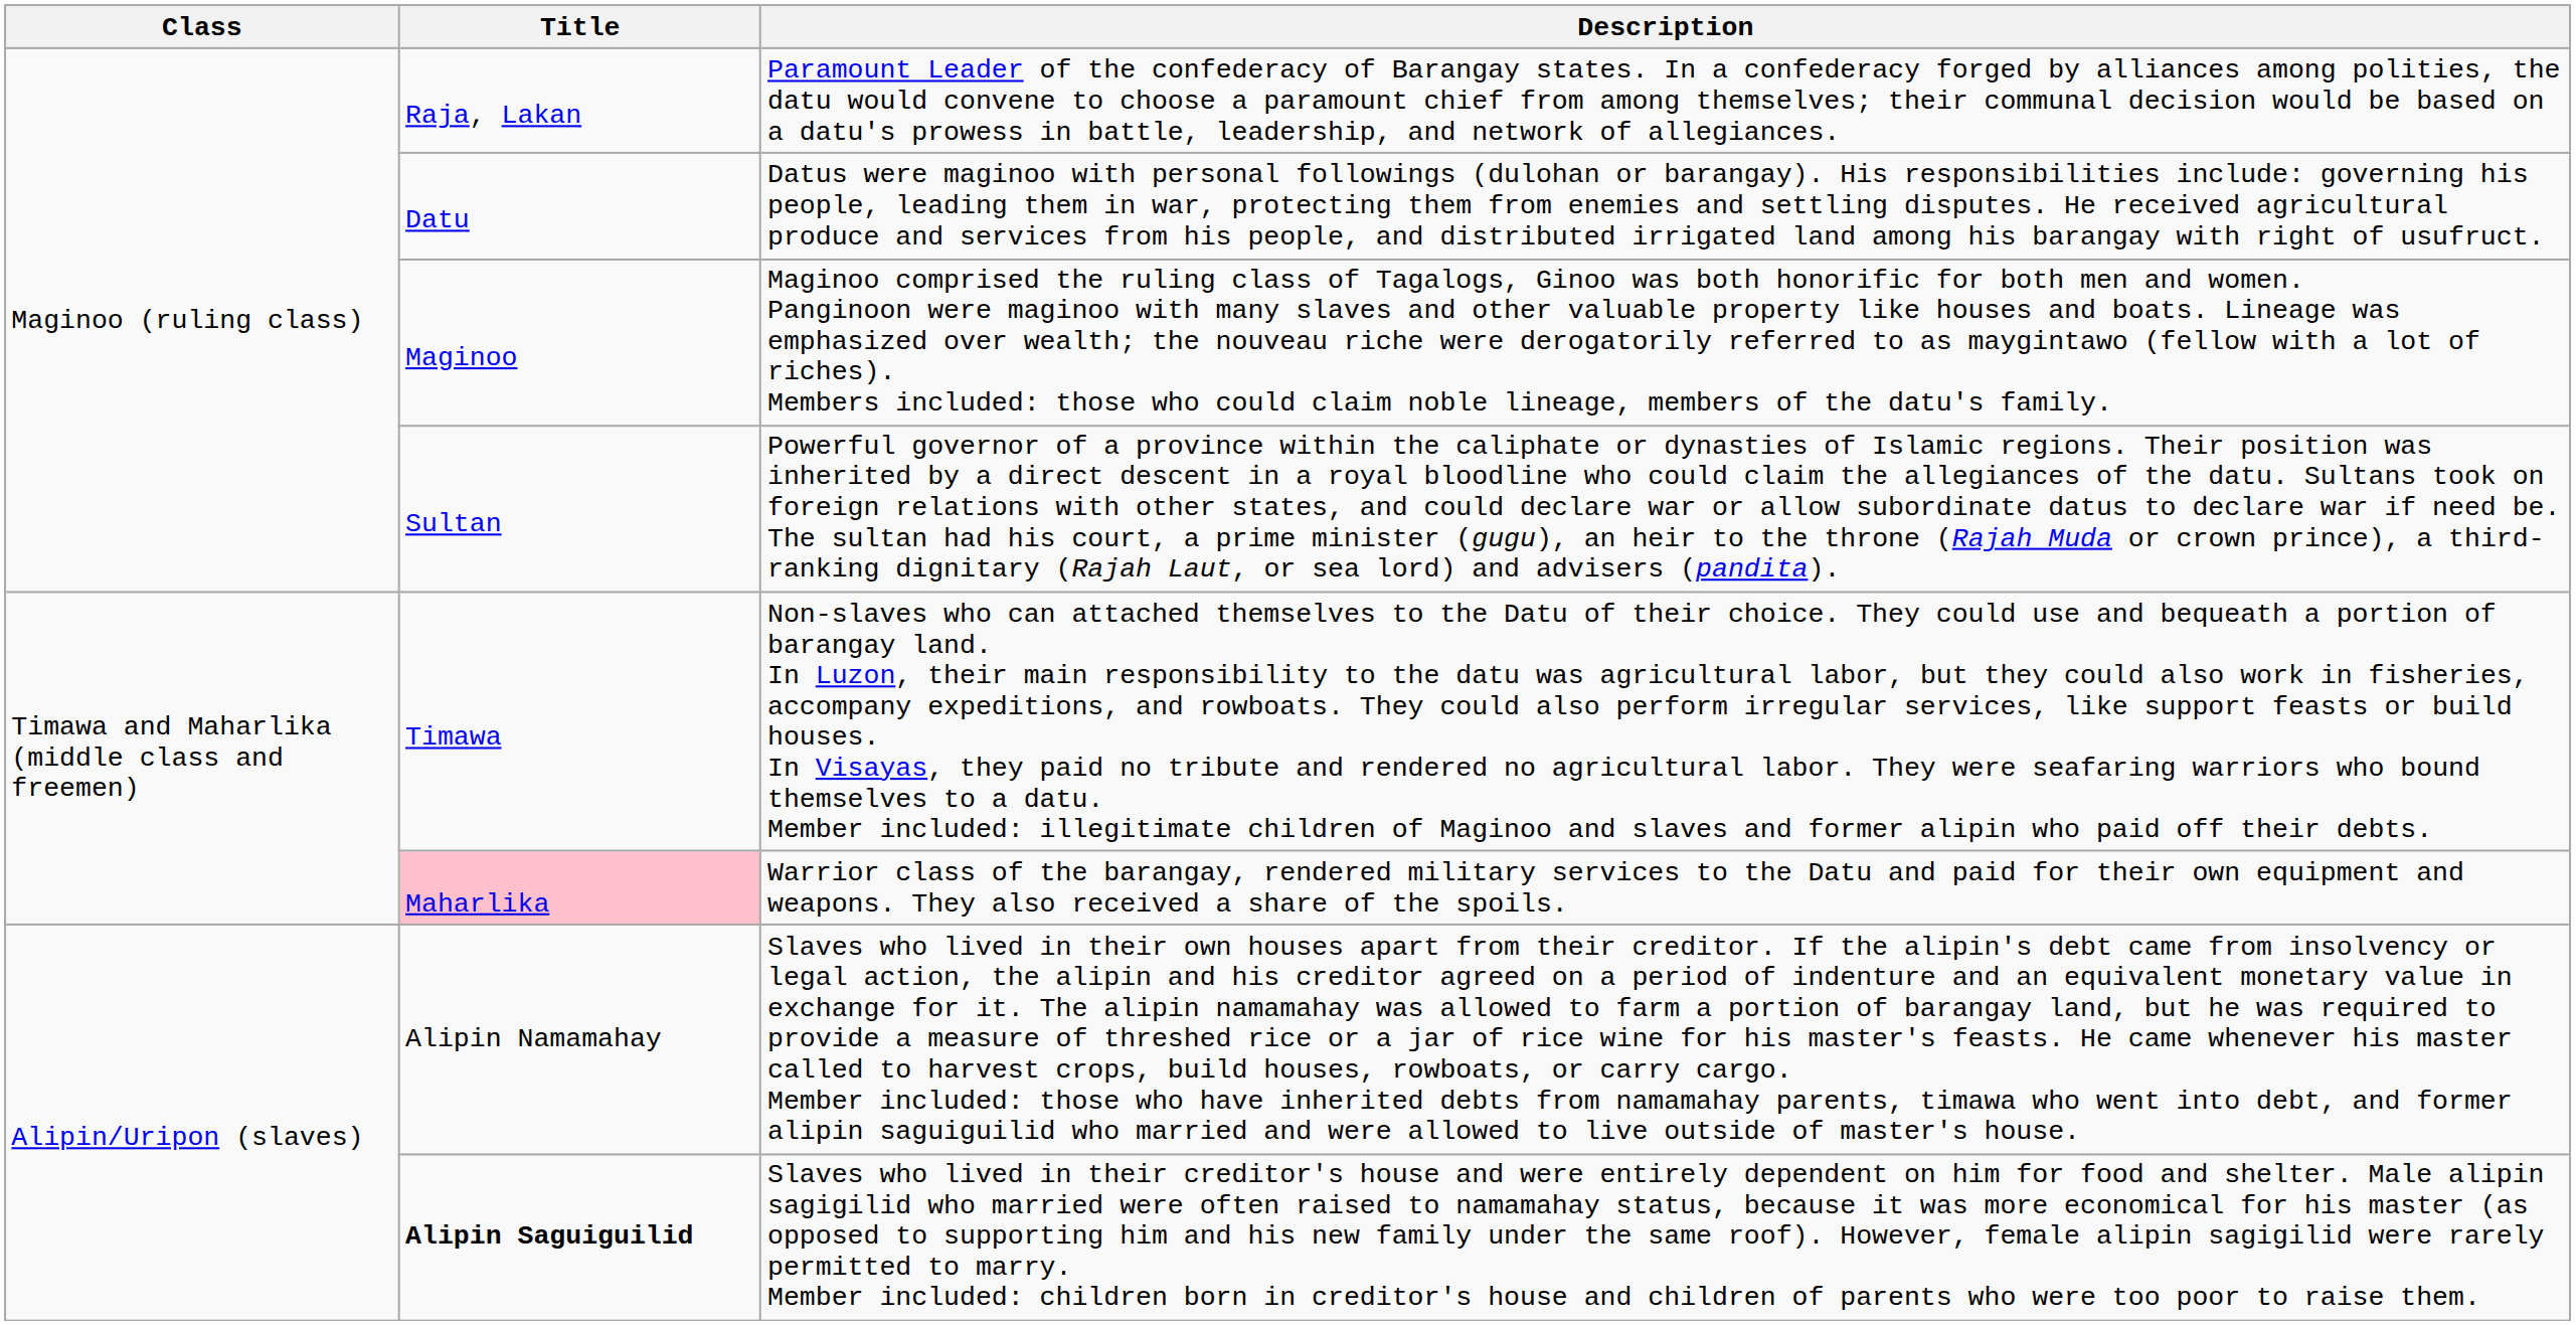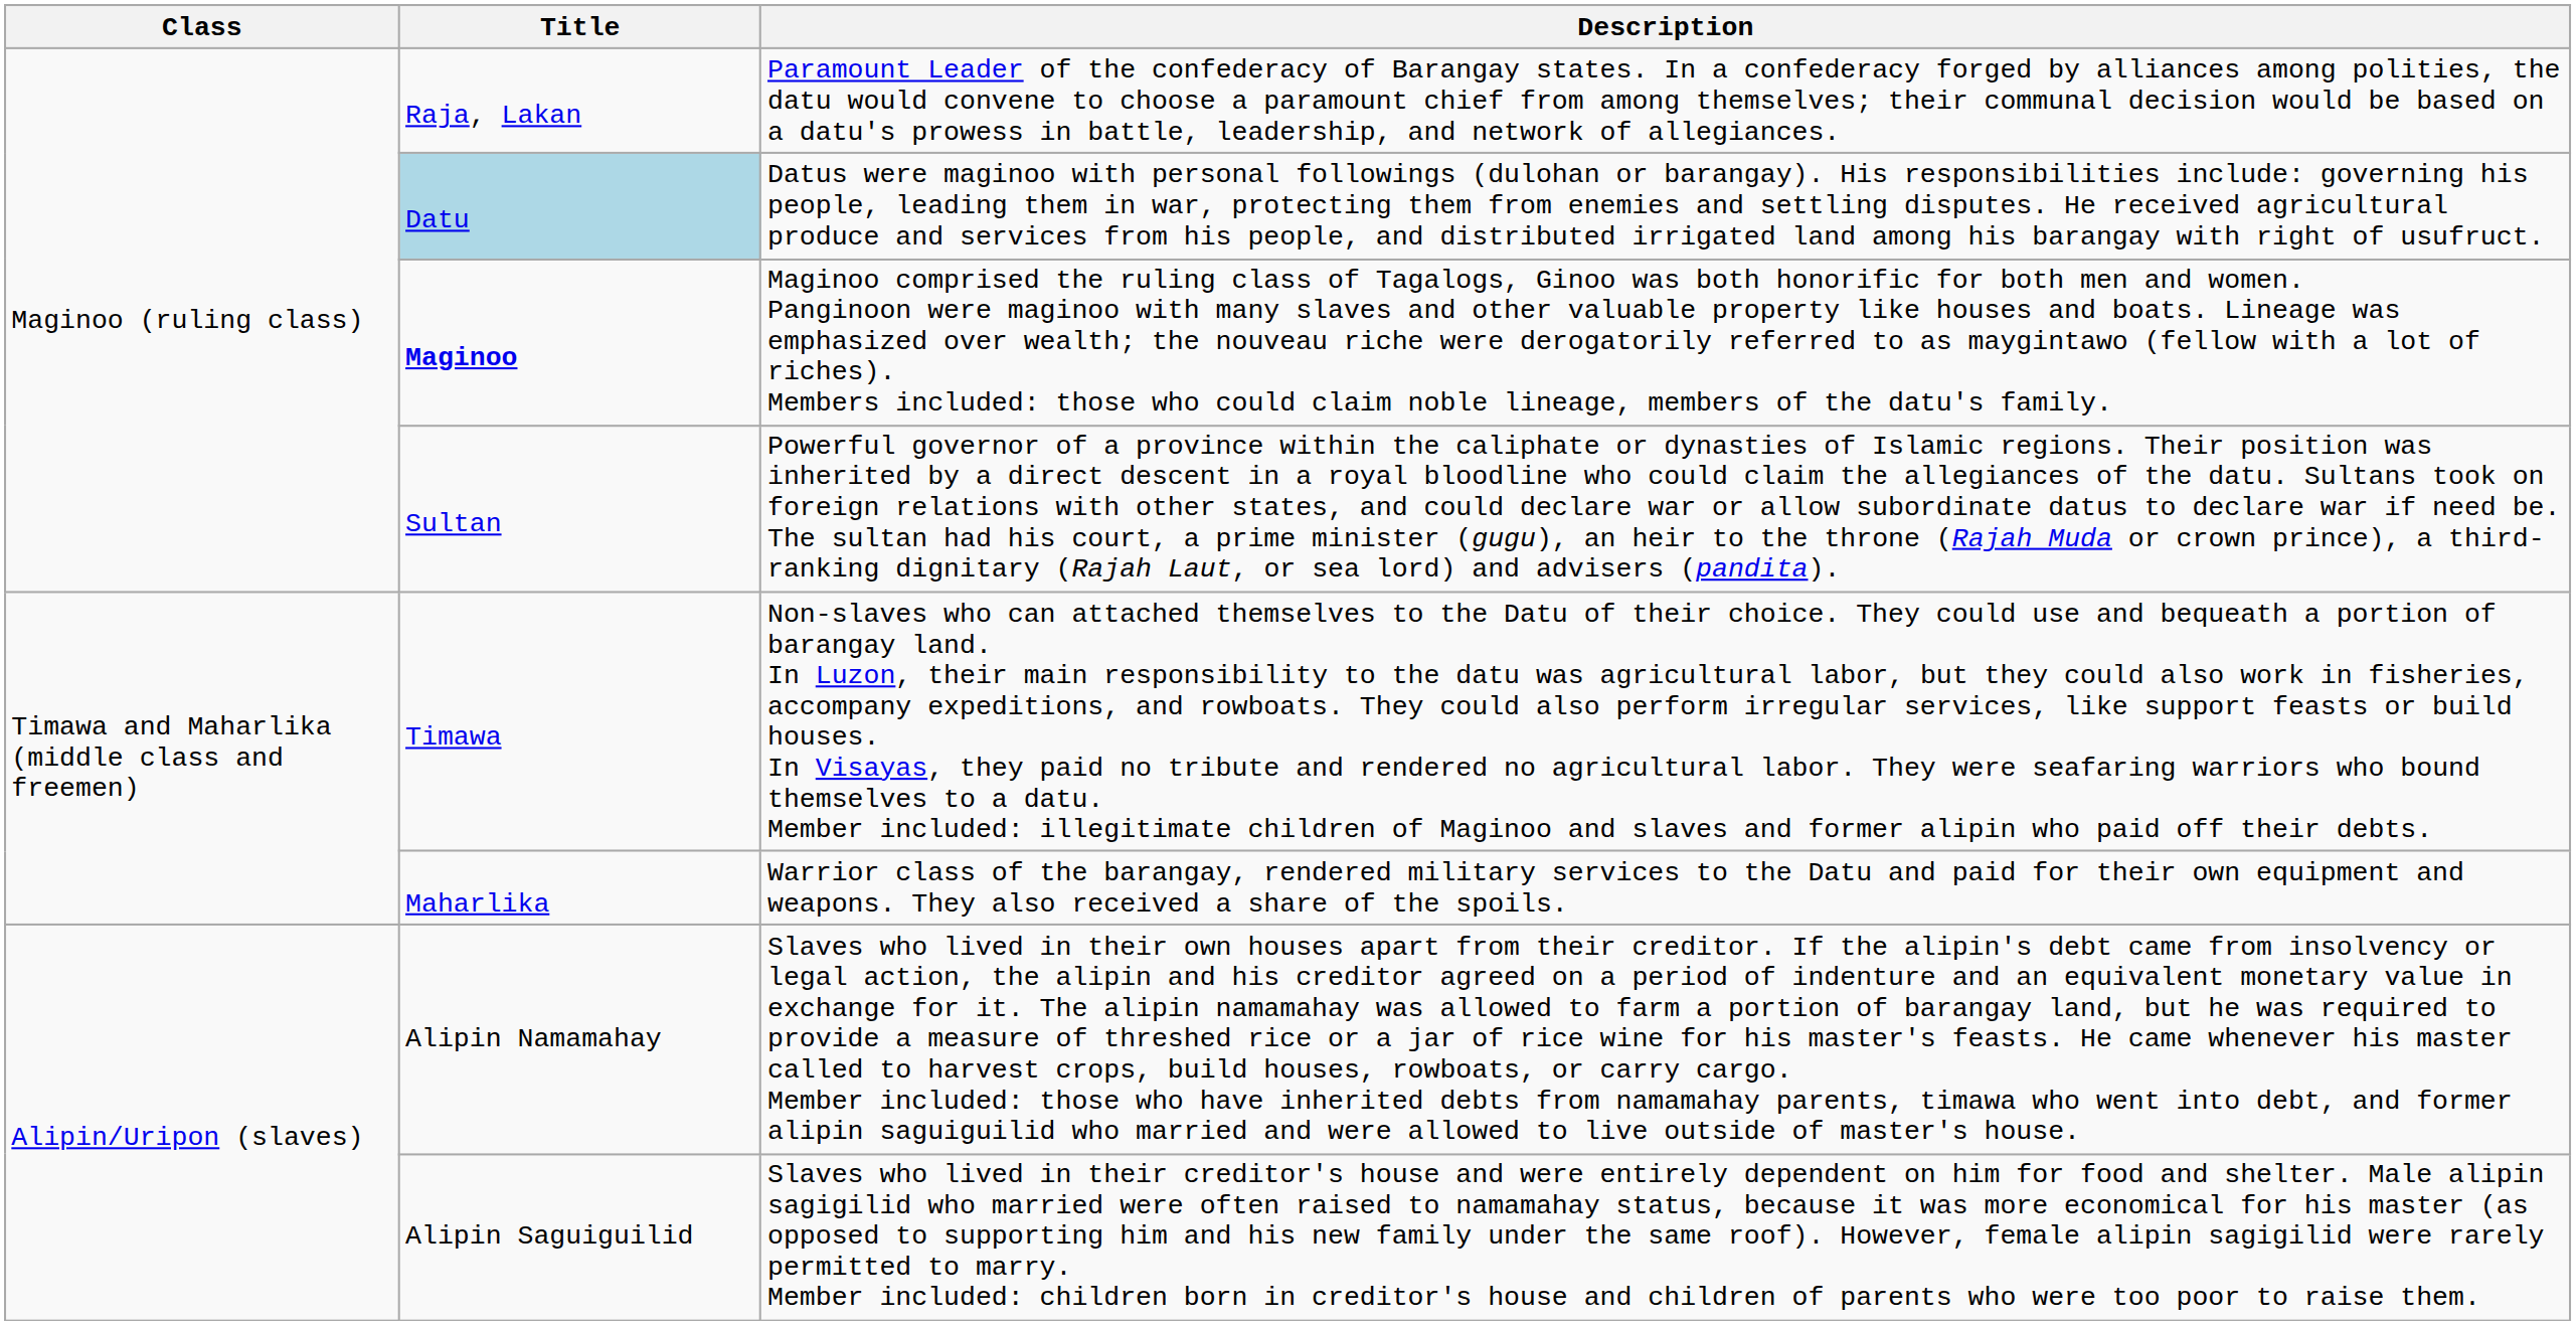 <table class="wikitable">
 <tr>
 <th width=5%,>Class</th>
 <th width=5%>Title</th>
 <th width=30%>Description</th>
 </tr>
 <tr>
 <td rowspan="4">Maginoo (ruling class)</td>
 <td><br><a href='#'>Raja</a>, <a href='#'>Lakan</a></td>
 <td><a href='#'>Paramount Leader</a> of the confederacy of Barangay states. In a confederacy forged by alliances among polities, the datu would convene to choose a paramount chief from among themselves; their communal decision would be based on a datu's prowess in battle, leadership, and network of allegiances.</td>
 </tr>
 <tr>
-<td><br><a href='#'>Datu</a></td>
+<td style="background: lightblue;"><br><a href='#'>Datu</a></td>
 <td>Datus were maginoo with personal followings (dulohan or barangay). His responsibilities include: governing his people, leading them in war, protecting them from enemies and settling disputes. He received agricultural produce and services from his people, and distributed irrigated land among his barangay with right of usufruct.</td>
 </tr>
 <tr>
-<td><br><a href='#'>Maginoo</a></td>
+<td><strong><br><a href='#'>Maginoo</a></strong></td>
 <td>Maginoo comprised the ruling class of Tagalogs, Ginoo was both honorific for both men and women.<br>Panginoon were maginoo with many slaves and other valuable property like houses and boats. Lineage was emphasized over wealth; the nouveau riche were derogatorily referred to as maygintawo (fellow with a lot of riches).<br>Members included: those who could claim noble lineage, members of the datu's family.</td>
 </tr>
 <tr>
 <td><br><a href='#'>Sultan</a></td>
 <td>Powerful governor of a province within the caliphate or dynasties of Islamic regions. Their position was inherited by a direct descent in a royal bloodline who could claim the allegiances of the datu. Sultans took on foreign relations with other states, and could declare war or allow subordinate datus to declare war if need be. The sultan had his court, a prime minister (<em>gugu</em>), an heir to the throne (<em><a href='#'>Rajah Muda</a></em> or crown prince), a third-ranking dignitary (<em>Rajah Laut</em>, or sea lord) and advisers (<em><a href='#'>pandita</a></em>).</td>
 </tr>
 <tr>
 <td rowspan="2">Timawa and Maharlika (middle class and freemen)</td>
 <td><br> <a href='#'>Timawa</a></td>
 <td>Non-slaves who can attached themselves to the Datu of their choice. They could use and bequeath a portion of barangay land.<br>In <a href='#'>Luzon</a>, their main responsibility to the datu was agricultural labor, but they could also work in fisheries, accompany expeditions, and rowboats. They could also perform irregular services, like support feasts or build houses.<br>In <a href='#'>Visayas</a>, they paid no tribute and rendered no agricultural labor. They were seafaring warriors who bound themselves to a datu.<br>Member included: illegitimate children of Maginoo and slaves and former alipin who paid off their debts.</td>
 </tr>
 <tr>
-<td style="background: pink;"><br> <a href='#'>Maharlika</a></td>
+<td><br> <a href='#'>Maharlika</a></td>
 <td>Warrior class of the barangay, rendered military services to the Datu and paid for their own equipment and weapons. They also received a share of the spoils.</td>
 </tr>
 <tr>
 <td rowspan="2"> <br> <a href='#'>Alipin/Uripon</a> (slaves)</td>
 <td>Alipin Namamahay</td>
 <td>Slaves who lived in their own houses apart from their creditor. If the alipin's debt came from insolvency or legal action, the alipin and his creditor agreed on a period of indenture and an equivalent monetary value in exchange for it. The alipin namamahay was allowed to farm a portion of barangay land, but he was required to provide a measure of threshed rice or a jar of rice wine for his master's feasts. He came whenever his master called to harvest crops, build houses, rowboats, or carry cargo.<br>Member included: those who have inherited debts from namamahay parents, timawa who went into debt, and former alipin saguiguilid who married and were allowed to live outside of master's house.</td>
 </tr>
 <tr>
-<td><strong>Alipin Saguiguilid</strong></td>
+<td>Alipin Saguiguilid</td>
 <td>Slaves who lived in their creditor's house and were entirely dependent on him for food and shelter. Male alipin sagigilid who married were often raised to namamahay status, because it was more economical for his master (as opposed to supporting him and his new family under the same roof). However, female alipin sagigilid were rarely permitted to marry.<br>Member included: children born in creditor's house and children of parents who were too poor to raise them.</td>
 </tr>
 </table>
